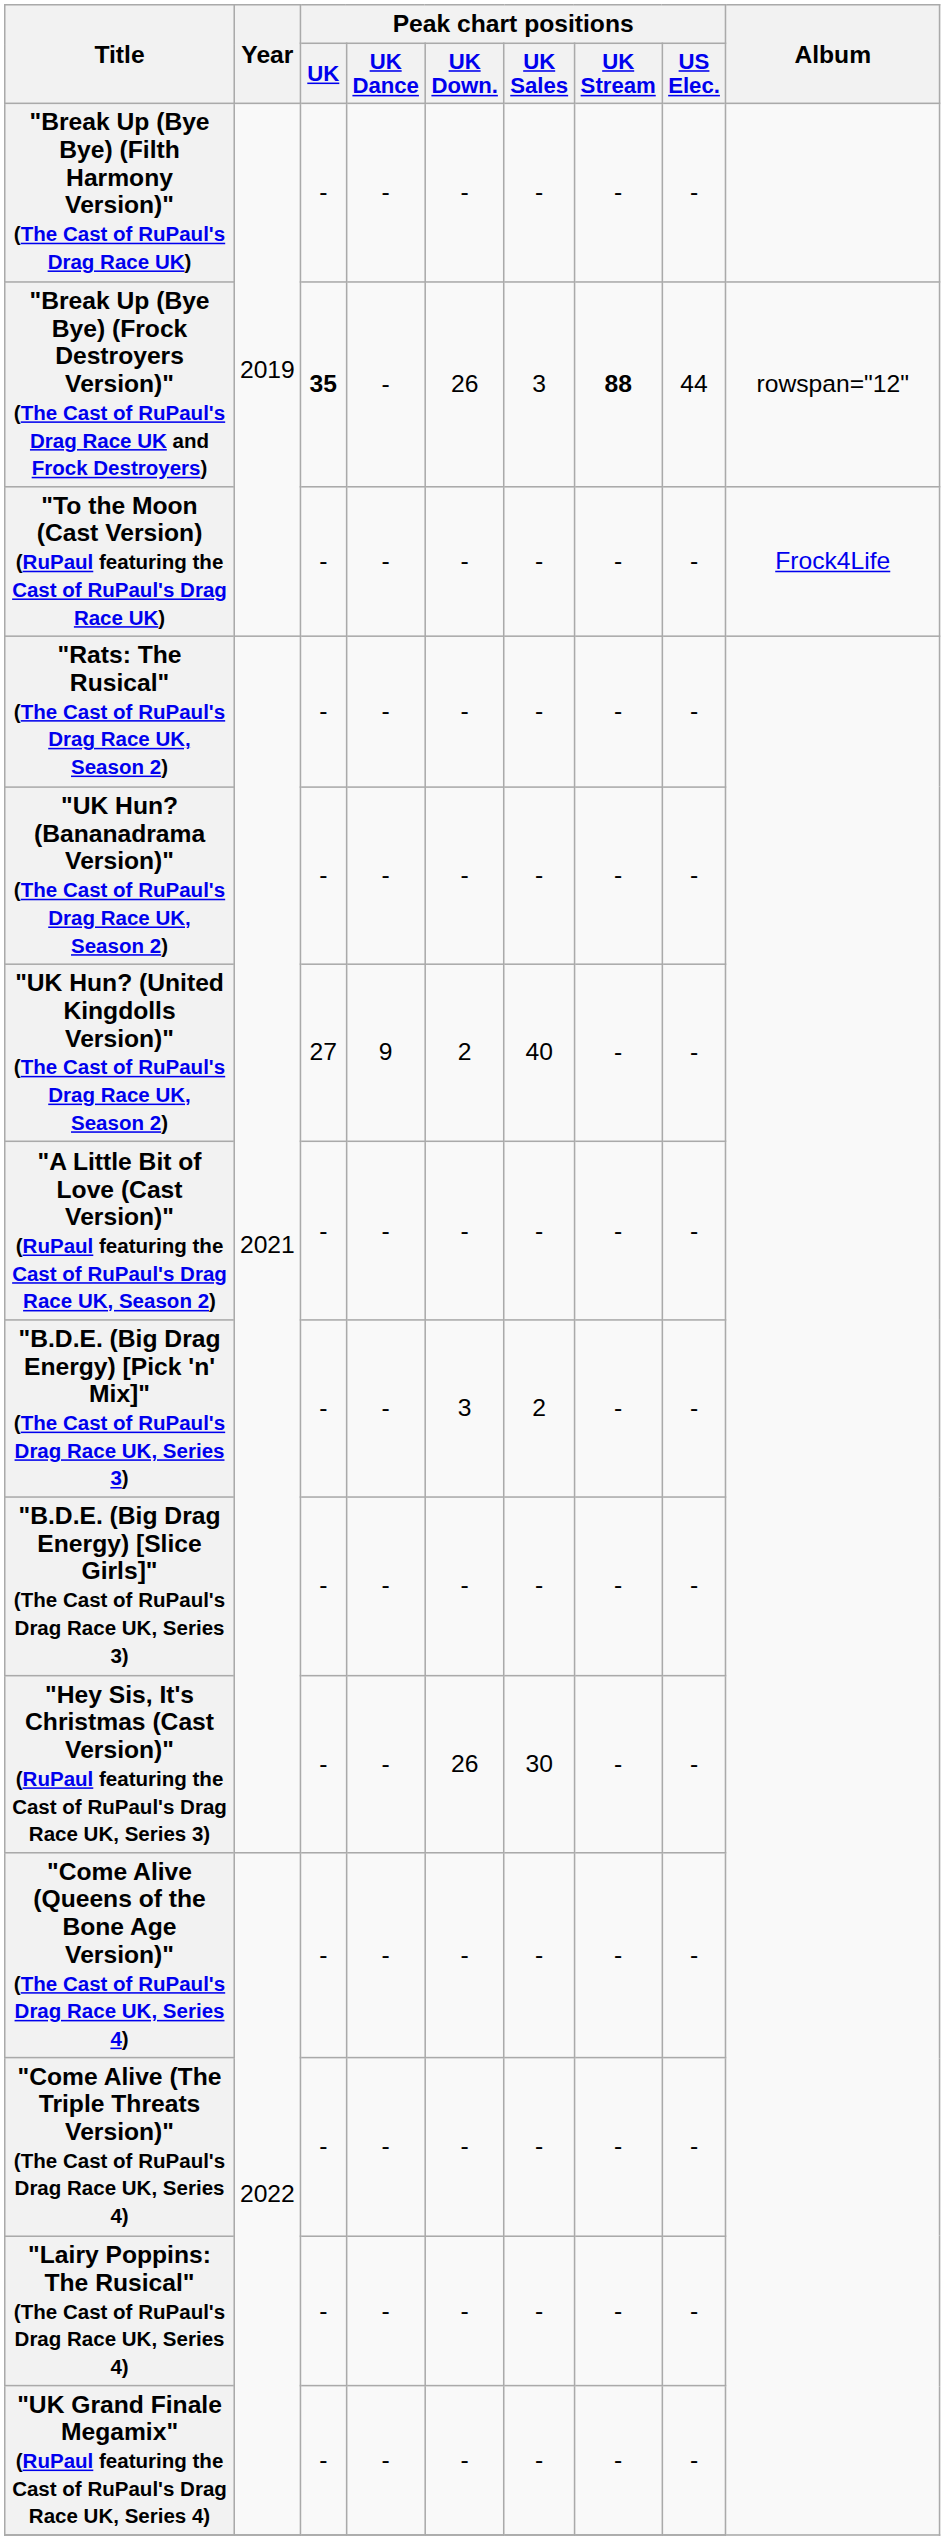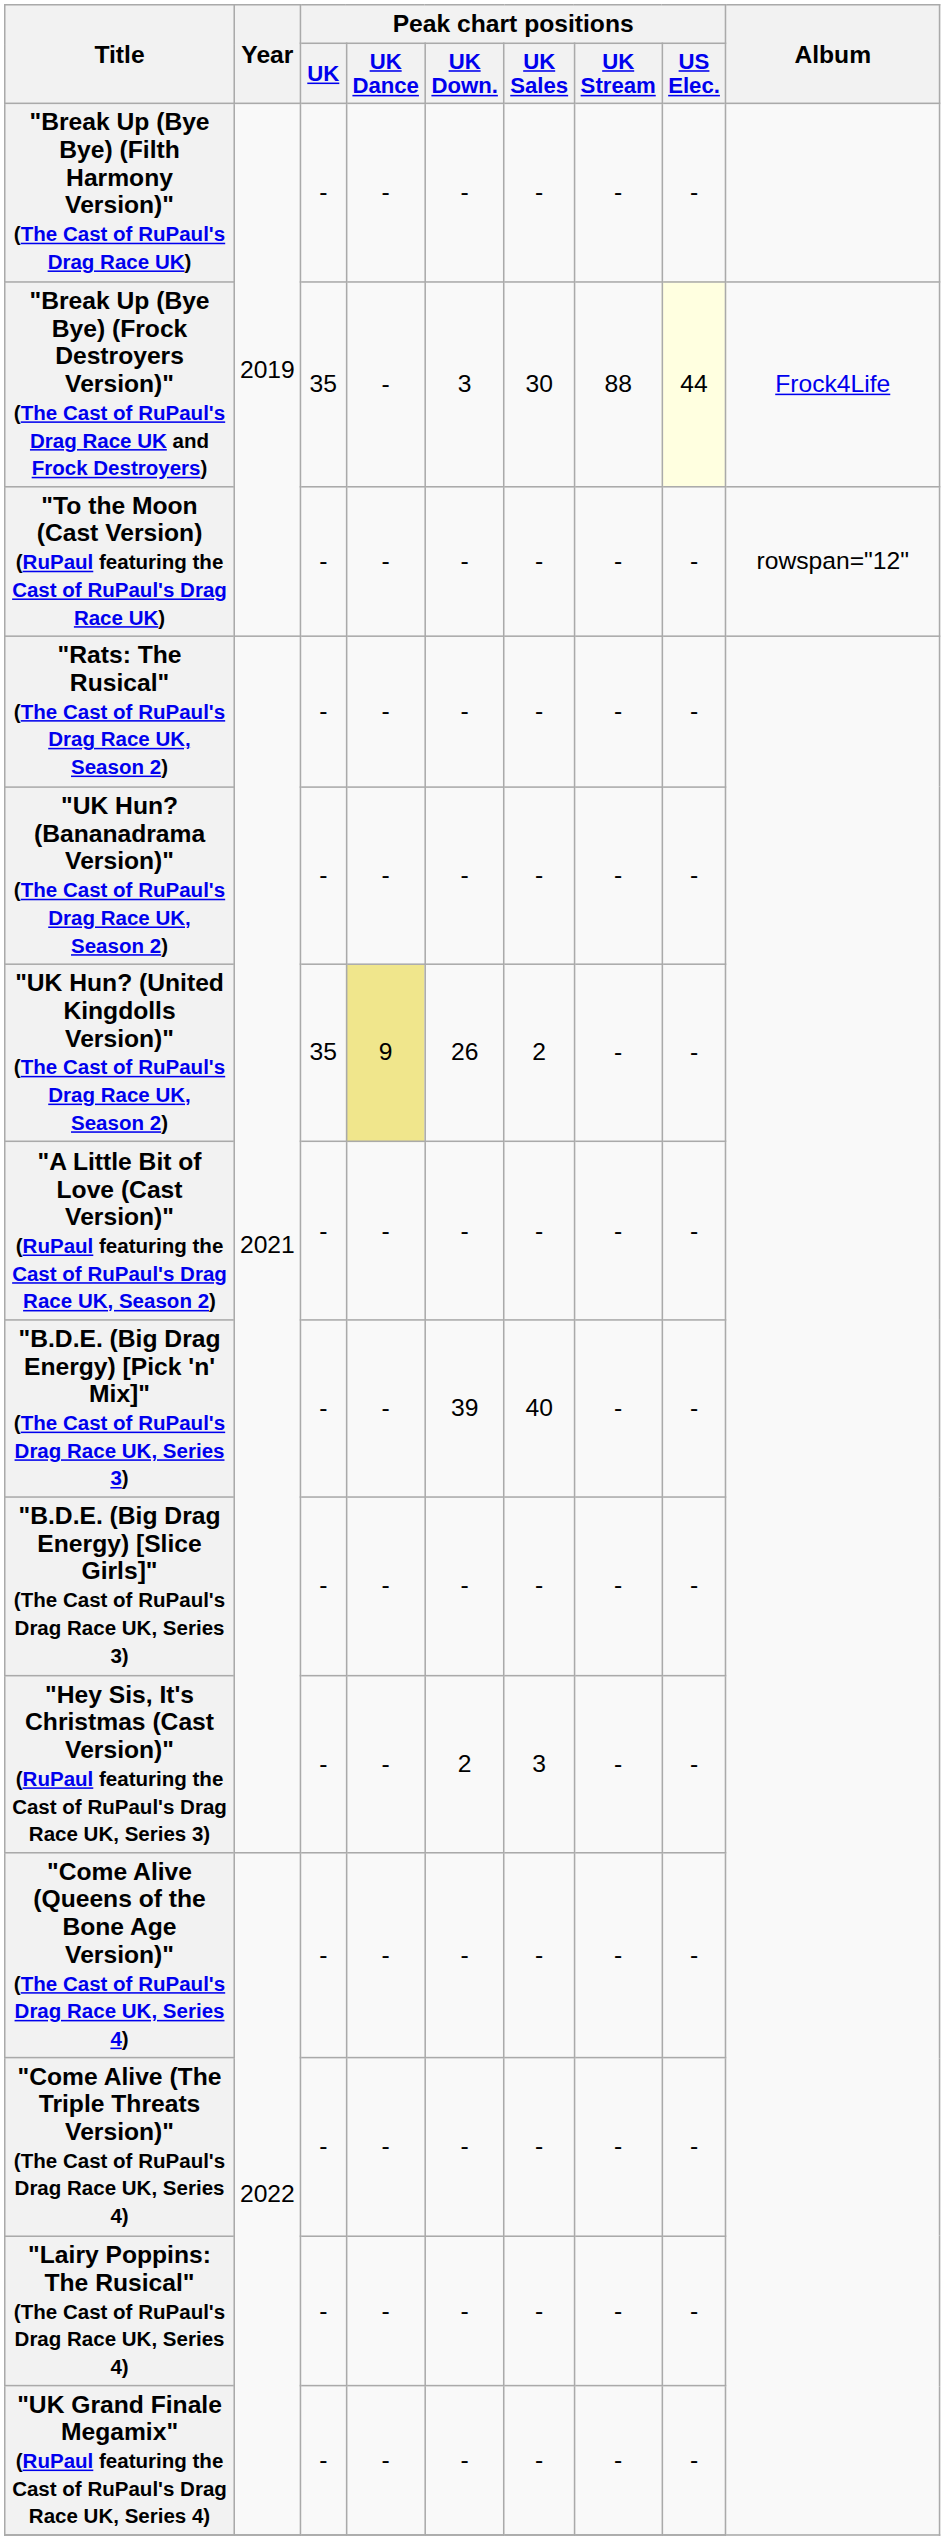 <table class="wikitable plainrowheaders" style="text-align:center;">
 <tr>
 <th rowspan="2" style="width:20em;">Title</th>
 <th rowspan="2" style="width:1em;">Year</th>
 <th colspan="6" style="width:20em;">Peak chart positions</th>
 <th rowspan="2" style="width:20em;">Album</th>
 </tr>
 <tr>
 <th scope="col" style="width:2em;font-size:90%;"><a href='#'>UK</a></th>
 <th scope="col" style="width:2em;font-size:90%;"><a href='#'>UK Dance</a></th>
 <th scope="col" style="width:2em;font-size:90%;"><a href='#'>UK Down.</a></th>
 <th scope="col" style="width:2em;font-size:90%;"><a href='#'>UK Sales</a></th>
 <th scope="col" style="width:2em;font-size:90%;"><a href='#'>UK Stream</a></th>
 <th scope="col" style="width:2em;font-size:90%;"><a href='#'>US Elec.</a></th>
 </tr>
 <tr>
 <th scope="row">"Break Up (Bye Bye) (Filth Harmony Version)" <br> <small>(<a href='#'>The Cast of RuPaul's Drag Race UK</a>)</small></th>
 <td rowspan="3">2019</td>
 <td>-</td>
 <td>-</td>
 <td>-</td>
 <td>-</td>
 <td>-</td>
 <td>-</td>
 <td></td>
 </tr>
 <tr>
 <th scope="row">"Break Up (Bye Bye) (Frock Destroyers Version)" <br> <small> (<a href='#'>The Cast of RuPaul's Drag Race UK</a> and <a href='#'>Frock Destroyers</a>)</small></th>
-<td><strong>35</strong></td>
+<td>35</td>
 <td>-</td>
-<td>26</td>
 <td>3</td>
-<td><strong>88</strong></td>
-<td>44</td>
-<td>rowspan="12" </td>
+<td>30</td>
+<td>88</td>
+<td style="background: lightyellow;">44</td>
+<td><a href='#'>Frock4Life</a></td>
 </tr>
 <tr>
 <th scope="row">"To the Moon (Cast Version)<br><small>(<a href='#'>RuPaul</a> featuring the <a href='#'>Cast of RuPaul's Drag Race UK</a>)</small></th>
 <td>-</td>
 <td>-</td>
 <td>-</td>
 <td>-</td>
 <td>-</td>
 <td>-</td>
-<td><a href='#'>Frock4Life</a></td>
+<td>rowspan="12" </td>
 </tr>
 <tr>
 <th scope="row">"Rats: The Rusical"<br><small>(<a href='#'>The Cast of RuPaul's Drag Race UK, Season 2</a>)</small></th>
 <td rowspan="7">2021</td>
 <td>-</td>
 <td>-</td>
 <td>-</td>
 <td>-</td>
 <td>-</td>
 <td>-</td>
 </tr>
 <tr>
 <th scope="row">"UK Hun? (Bananadrama Version)"<br><small> (<a href='#'>The Cast of RuPaul's Drag Race UK, Season 2</a>)</small></th>
 <td>-</td>
 <td>-</td>
 <td>-</td>
 <td>-</td>
 <td>-</td>
 <td>-</td>
 </tr>
 <tr>
 <th scope="row">"UK Hun? (United Kingdolls Version)"<br><small>(<a href='#'>The Cast of RuPaul's Drag Race UK, Season 2</a>)</small></th>
-<td>27</td>
-<td>9</td>
+<td>35</td>
+<td style="background: khaki;">9</td>
+<td>26</td>
 <td>2</td>
-<td>40</td>
 <td>-</td>
 <td>-</td>
 </tr>
 <tr>
 <th scope="row">"A Little Bit of Love (Cast Version)"<br><small>(<a href='#'>RuPaul</a> featuring the <a href='#'>Cast of RuPaul's Drag Race UK, Season 2</a>)</small></th>
 <td>-</td>
 <td>-</td>
 <td>-</td>
 <td>-</td>
 <td>-</td>
 <td>-</td>
 </tr>
 <tr>
 <th scope="row">"B.D.E. (Big Drag Energy) [Pick 'n' Mix]"<br><small>(<a href='#'>The Cast of RuPaul's Drag Race UK, Series 3</a>)</small></th>
 <td>-</td>
 <td>-</td>
-<td>3</td>
-<td>2</td>
+<td>39</td>
+<td>40</td>
 <td>-</td>
 <td>-</td>
 </tr>
 <tr>
 <th scope="row">"B.D.E. (Big Drag Energy) [Slice Girls]"<br><small>(The Cast of RuPaul's Drag Race UK, Series 3)</small></th>
 <td>-</td>
 <td>-</td>
 <td>-</td>
 <td>-</td>
 <td>-</td>
 <td>-</td>
 </tr>
 <tr>
 <th scope="row">"Hey Sis, It's Christmas (Cast Version)"<br><small>(<a href='#'>RuPaul</a> featuring the Cast of RuPaul's Drag Race UK, Series 3)</small></th>
 <td>-</td>
 <td>-</td>
-<td>26</td>
-<td>30</td>
+<td>2</td>
+<td>3</td>
 <td>-</td>
 <td>-</td>
 </tr>
 <tr>
 <th scope="row">"Come Alive (Queens of the Bone Age Version)"<br><small>(<a href='#'>The Cast of RuPaul's Drag Race UK, Series 4</a>)</small></th>
 <td rowspan="4">2022</td>
 <td>-</td>
 <td>-</td>
 <td>-</td>
 <td>-</td>
 <td>-</td>
 <td>-</td>
 </tr>
 <tr>
 <th scope="row">"Come Alive (The Triple Threats Version)"<br><small>(The Cast of RuPaul's Drag Race UK, Series 4)</small></th>
 <td>-</td>
 <td>-</td>
 <td>-</td>
 <td>-</td>
 <td>-</td>
 <td>-</td>
 </tr>
 <tr>
 <th scope="row">"Lairy Poppins: The Rusical"<br><small>(The Cast of RuPaul's Drag Race UK, Series 4)</small></th>
 <td>-</td>
 <td>-</td>
 <td>-</td>
 <td>-</td>
 <td>-</td>
 <td>-</td>
 </tr>
 <tr>
 <th scope="row">"UK Grand Finale Megamix"<br><small>(<a href='#'>RuPaul</a> featuring the Cast of RuPaul's Drag Race UK, Series 4)</small></th>
 <td>-</td>
 <td>-</td>
 <td>-</td>
 <td>-</td>
 <td>-</td>
 <td>-</td>
 </tr>
 <tr>
 </tr>
 </table>
